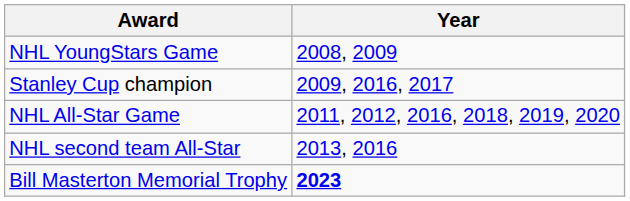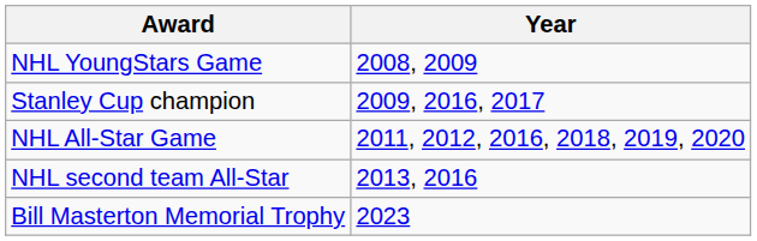 <table class="wikitable">
 <tr>
 <th scope="col">Award</th>
 <th scope="col">Year</th>
 </tr>
 <tr>
 <td><a href='#'>NHL YoungStars Game</a></td>
 <td><a href='#'>2008</a>, <a href='#'>2009</a></td>
 </tr>
 <tr>
 <td><a href='#'>Stanley Cup</a> champion</td>
 <td><a href='#'>2009</a>, <a href='#'>2016</a>, <a href='#'>2017</a></td>
 </tr>
 <tr>
 <td><a href='#'>NHL All-Star Game</a></td>
 <td><a href='#'>2011</a>, <a href='#'>2012</a>, <a href='#'>2016</a>, <a href='#'>2018</a>, <a href='#'>2019</a>, <a href='#'>2020</a></td>
 </tr>
 <tr>
 <td><a href='#'>NHL second team All-Star</a></td>
 <td><a href='#'>2013</a>, <a href='#'>2016</a></td>
 </tr>
 <tr>
 <td><a href='#'>Bill Masterton Memorial Trophy</a></td>
-<td><strong><a href='#'>2023</a></strong></td>
+<td><a href='#'>2023</a></td>
 </tr>
 </table>
